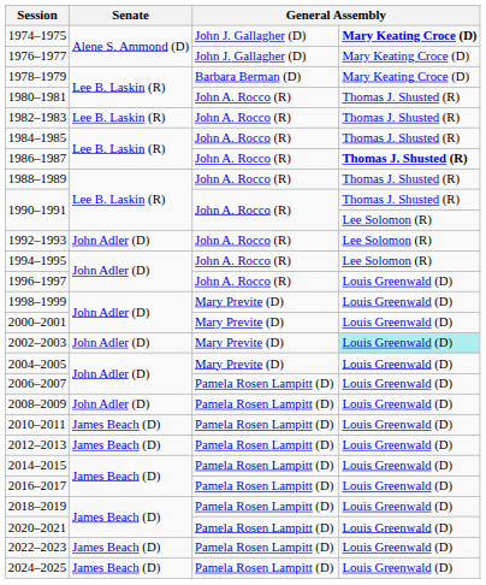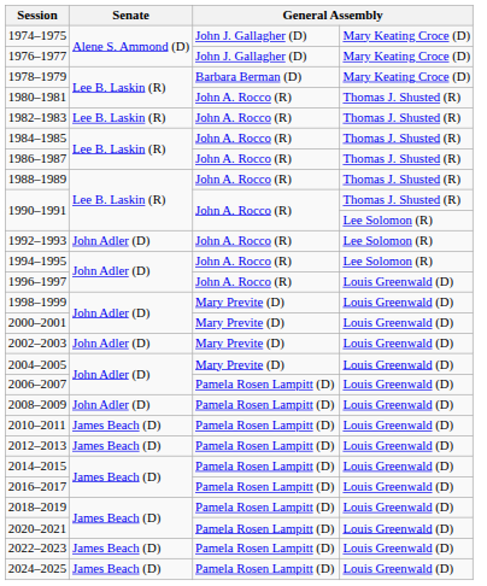 <table class="wikitable">
 <tr>
 <th>Session</th>
 <th>Senate</th>
 <th colspan=2>General Assembly</th>
 </tr>
 <tr>
 <td>1974–1975</td>
 <td rowspan=2 ><a href='#'>Alene S. Ammond</a> (D)</td>
 <td><a href='#'>John J. Gallagher</a> (D)</td>
-<td><strong><a href='#'>Mary Keating Croce</a> (D)</strong></td>
+<td><a href='#'>Mary Keating Croce</a> (D)</td>
 </tr>
 <tr>
 <td>1976–1977</td>
 <td><a href='#'>John J. Gallagher</a> (D)</td>
 <td><a href='#'>Mary Keating Croce</a> (D)</td>
 </tr>
 <tr>
 <td>1978–1979</td>
 <td rowspan=2 ><a href='#'>Lee B. Laskin</a> (R)</td>
 <td><a href='#'>Barbara Berman</a> (D)</td>
 <td><a href='#'>Mary Keating Croce</a> (D)</td>
 </tr>
 <tr>
 <td>1980–1981</td>
 <td><a href='#'>John A. Rocco</a> (R)</td>
 <td><a href='#'>Thomas J. Shusted</a> (R)</td>
 </tr>
 <tr>
 <td>1982–1983</td>
 <td><a href='#'>Lee B. Laskin</a> (R)</td>
 <td><a href='#'>John A. Rocco</a> (R)</td>
 <td><a href='#'>Thomas J. Shusted</a> (R)</td>
 </tr>
 <tr>
 <td>1984–1985</td>
 <td rowspan=2 ><a href='#'>Lee B. Laskin</a> (R)</td>
 <td><a href='#'>John A. Rocco</a> (R)</td>
 <td><a href='#'>Thomas J. Shusted</a> (R)</td>
 </tr>
 <tr>
 <td>1986–1987</td>
 <td><a href='#'>John A. Rocco</a> (R)</td>
-<td><strong><a href='#'>Thomas J. Shusted</a> (R)</strong></td>
+<td><a href='#'>Thomas J. Shusted</a> (R)</td>
 </tr>
 <tr>
 <td>1988–1989</td>
 <td rowspan=3 ><a href='#'>Lee B. Laskin</a> (R)</td>
 <td><a href='#'>John A. Rocco</a> (R)</td>
 <td><a href='#'>Thomas J. Shusted</a> (R)</td>
 </tr>
 <tr>
 <td rowspan=2>1990–1991</td>
 <td rowspan=2 ><a href='#'>John A. Rocco</a> (R)</td>
 <td><a href='#'>Thomas J. Shusted</a> (R)</td>
 </tr>
 <tr>
 <td><a href='#'>Lee Solomon</a> (R)</td>
 </tr>
 <tr>
 <td>1992–1993</td>
 <td><a href='#'>John Adler</a> (D)</td>
 <td><a href='#'>John A. Rocco</a> (R)</td>
 <td><a href='#'>Lee Solomon</a> (R)</td>
 </tr>
 <tr>
 <td>1994–1995</td>
 <td rowspan=2 ><a href='#'>John Adler</a> (D)</td>
 <td><a href='#'>John A. Rocco</a> (R)</td>
 <td><a href='#'>Lee Solomon</a> (R)</td>
 </tr>
 <tr>
 <td>1996–1997</td>
 <td><a href='#'>John A. Rocco</a> (R)</td>
 <td><a href='#'>Louis Greenwald</a> (D)</td>
 </tr>
 <tr>
 <td>1998–1999</td>
 <td rowspan=2 ><a href='#'>John Adler</a> (D)</td>
 <td><a href='#'>Mary Previte</a> (D)</td>
 <td><a href='#'>Louis Greenwald</a> (D)</td>
 </tr>
 <tr>
 <td>2000–2001</td>
 <td><a href='#'>Mary Previte</a> (D)</td>
 <td><a href='#'>Louis Greenwald</a> (D)</td>
 </tr>
 <tr>
 <td>2002–2003</td>
 <td><a href='#'>John Adler</a> (D)</td>
 <td><a href='#'>Mary Previte</a> (D)</td>
-<td style="background: paleturquoise;"><a href='#'>Louis Greenwald</a> (D)</td>
+<td><a href='#'>Louis Greenwald</a> (D)</td>
 </tr>
 <tr>
 <td>2004–2005</td>
 <td rowspan=2 ><a href='#'>John Adler</a> (D)</td>
 <td><a href='#'>Mary Previte</a> (D)</td>
 <td><a href='#'>Louis Greenwald</a> (D)</td>
 </tr>
 <tr>
 <td>2006–2007</td>
 <td><a href='#'>Pamela Rosen Lampitt</a> (D)</td>
 <td><a href='#'>Louis Greenwald</a> (D)</td>
 </tr>
 <tr>
 <td rowspan=2>2008–2009</td>
 <td><a href='#'>John Adler</a> (D)</td>
 <td rowspan=2 ><a href='#'>Pamela Rosen Lampitt</a> (D)<small> </small><br></td>
 <td rowspan=2 ><a href='#'>Louis Greenwald</a> (D)<small> </small><br></td>
 </tr>
 <tr>
 <td rowspan=2 ><a href='#'>James Beach</a> (D)</td>
 </tr>
 <tr>
 <td>2010–2011</td>
 <td><a href='#'>Pamela Rosen Lampitt</a> (D)</td>
 <td><a href='#'>Louis Greenwald</a> (D)</td>
 </tr>
 <tr>
 <td>2012–2013</td>
 <td><a href='#'>James Beach</a> (D)</td>
 <td><a href='#'>Pamela Rosen Lampitt</a> (D)</td>
 <td><a href='#'>Louis Greenwald</a> (D)</td>
 </tr>
 <tr>
 <td>2014–2015</td>
 <td rowspan=2 ><a href='#'>James Beach</a> (D)</td>
 <td><a href='#'>Pamela Rosen Lampitt</a> (D)</td>
 <td><a href='#'>Louis Greenwald</a> (D)</td>
 </tr>
 <tr>
 <td>2016–2017</td>
 <td><a href='#'>Pamela Rosen Lampitt</a> (D)</td>
 <td><a href='#'>Louis Greenwald</a> (D)</td>
 </tr>
 <tr>
 <td>2018–2019</td>
 <td rowspan=2 ><a href='#'>James Beach</a> (D)</td>
 <td><a href='#'>Pamela Rosen Lampitt</a> (D)</td>
 <td><a href='#'>Louis Greenwald</a> (D)</td>
 </tr>
 <tr>
 <td>2020–2021</td>
 <td><a href='#'>Pamela Rosen Lampitt</a> (D)</td>
 <td><a href='#'>Louis Greenwald</a> (D)</td>
 </tr>
 <tr>
 <td>2022–2023</td>
 <td><a href='#'>James Beach</a> (D)</td>
 <td><a href='#'>Pamela Rosen Lampitt</a> (D)</td>
 <td><a href='#'>Louis Greenwald</a> (D)</td>
 </tr>
 <tr>
 <td>2024–2025</td>
 <td><a href='#'>James Beach</a> (D)</td>
 <td><a href='#'>Pamela Rosen Lampitt</a> (D)</td>
 <td><a href='#'>Louis Greenwald</a> (D)</td>
 </tr>
 </table>
